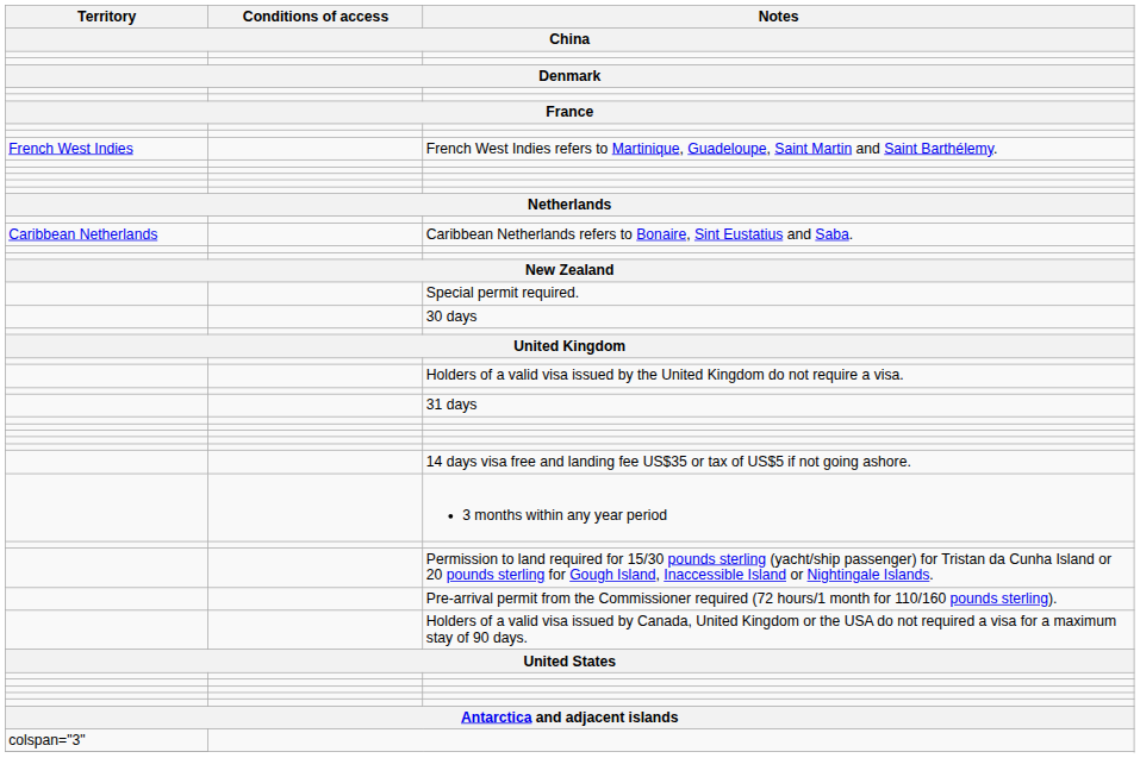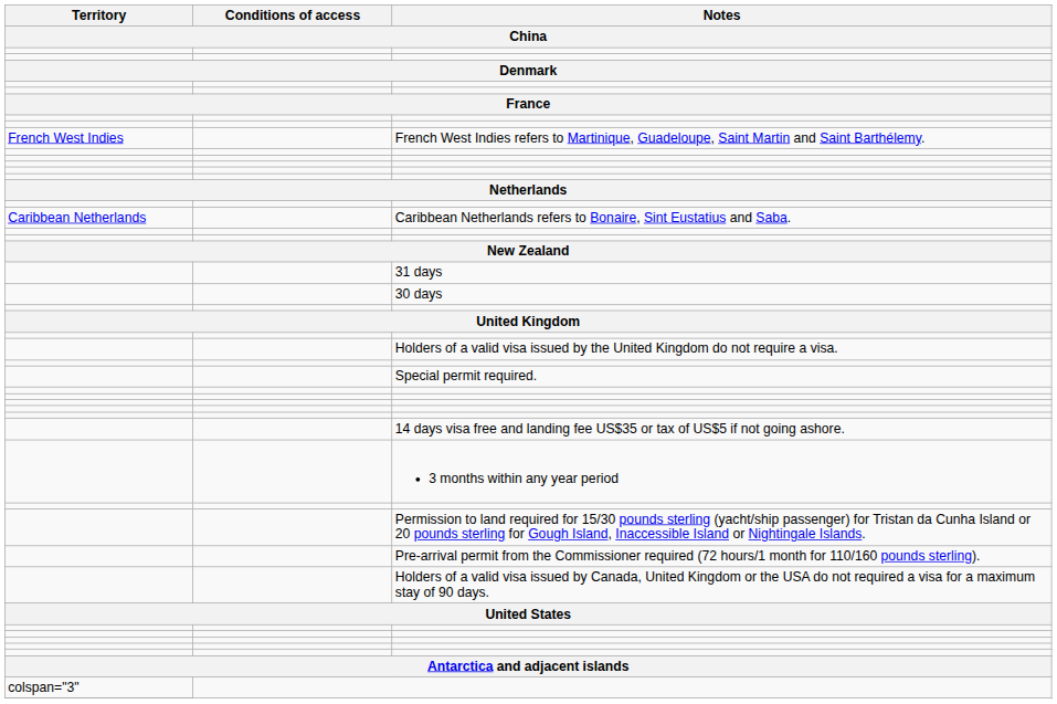 <table class="wikitable" style="text-align: left; table-layout: fixed;">
 <tr>
 <th width="18%">Territory</th>
 <th width="19%">Conditions of access</th>
 <th>Notes</th>
 </tr>
 <tr>
 <th colspan="3">China</th>
 </tr>
 <tr>
 <td></td>
 <td></td>
 <td></td>
 </tr>
 <tr>
 <td></td>
 <td></td>
 <td></td>
 </tr>
 <tr>
 <th colspan="3">Denmark</th>
 </tr>
 <tr>
 <td></td>
 <td></td>
 <td></td>
 </tr>
 <tr>
 <td></td>
 <td></td>
 <td></td>
 </tr>
 <tr>
 <th colspan="3">France</th>
 </tr>
 <tr>
 <td></td>
 <td></td>
 <td></td>
 </tr>
 <tr>
 <td></td>
 <td></td>
 <td></td>
 </tr>
 <tr>
 <td> <a href='#'>French West Indies</a></td>
 <td></td>
 <td>French West Indies refers to <a href='#'>Martinique</a>, <a href='#'>Guadeloupe</a>, <a href='#'>Saint Martin</a> and <a href='#'>Saint Barthélemy</a>.</td>
 </tr>
 <tr>
 <td></td>
 <td></td>
 <td></td>
 </tr>
 <tr>
 <td></td>
 <td></td>
 <td></td>
 </tr>
 <tr>
 <td></td>
 <td></td>
 <td></td>
 </tr>
 <tr>
 <td></td>
 <td></td>
 <td></td>
 </tr>
 <tr>
 <td></td>
 <td></td>
 <td></td>
 </tr>
 <tr>
 <th colspan="3">Netherlands</th>
 </tr>
 <tr>
 <td></td>
 <td></td>
 <td></td>
 </tr>
 <tr>
 <td> <a href='#'>Caribbean Netherlands</a></td>
 <td></td>
 <td>Caribbean Netherlands refers to <a href='#'>Bonaire</a>, <a href='#'>Sint Eustatius</a> and <a href='#'>Saba</a>.</td>
 </tr>
 <tr>
 <td></td>
 <td></td>
 <td></td>
 </tr>
 <tr>
 <td></td>
 <td></td>
 <td></td>
 </tr>
 <tr>
 <th colspan="3">New Zealand</th>
 </tr>
 <tr>
 <td></td>
 <td></td>
-<td>Special permit required.</td>
+<td>31 days</td>
 </tr>
 <tr>
 <td></td>
 <td></td>
 <td>30 days</td>
 </tr>
 <tr>
 <td></td>
 <td></td>
 <td></td>
 </tr>
 <tr>
 <th colspan="3">United Kingdom</th>
 </tr>
 <tr>
 <td></td>
 <td></td>
 <td></td>
 </tr>
 <tr>
 <td></td>
 <td></td>
 <td>Holders of a valid visa issued by the United Kingdom do not require a visa.</td>
 </tr>
 <tr>
 <td></td>
 <td></td>
 <td></td>
 </tr>
 <tr>
 <td></td>
 <td></td>
-<td>31 days</td>
+<td>Special permit required.</td>
 </tr>
 <tr>
 <td></td>
 <td></td>
 <td></td>
 </tr>
 <tr>
 <td></td>
 <td></td>
 <td></td>
 </tr>
 <tr>
 <td></td>
 <td></td>
 <td></td>
 </tr>
 <tr>
 <td></td>
 <td></td>
 <td></td>
 </tr>
 <tr>
 <td></td>
 <td></td>
 <td></td>
 </tr>
 <tr>
 <td></td>
 <td></td>
 <td>14 days visa free and landing fee US$35 or tax of US$5 if not going ashore.</td>
 </tr>
 <tr>
 <td></td>
 <td></td>
 <td><br><ul><li>3 months within any year period</li></ul></td>
 </tr>
 <tr>
 <td></td>
 <td></td>
 <td></td>
 </tr>
 <tr>
 <td></td>
 <td></td>
 <td>Permission to land required for 15/30 <a href='#'>pounds sterling</a> (yacht/ship passenger) for Tristan da Cunha Island or 20 <a href='#'>pounds sterling</a> for <a href='#'>Gough Island</a>, <a href='#'>Inaccessible Island</a> or <a href='#'>Nightingale Islands</a>.</td>
 </tr>
 <tr>
 <td></td>
 <td></td>
 <td>Pre-arrival permit from the Commissioner required (72 hours/1 month for 110/160 <a href='#'>pounds sterling</a>).</td>
 </tr>
 <tr>
 <td></td>
 <td></td>
 <td>Holders of a valid visa issued by Canada, United Kingdom or the USA do not required a visa for a maximum stay of 90 days.</td>
 </tr>
 <tr>
 <th colspan="3">United States</th>
 </tr>
 <tr>
 <td></td>
 <td></td>
 <td></td>
 </tr>
 <tr>
 <td></td>
 <td></td>
 <td></td>
 </tr>
 <tr>
 <td></td>
 <td></td>
 <td></td>
 </tr>
 <tr>
 <td></td>
 <td></td>
 <td></td>
 </tr>
 <tr>
 <td></td>
 <td></td>
 <td></td>
 </tr>
 <tr>
 <th colspan="3"><a href='#'>Antarctica</a> and adjacent islands</th>
 </tr>
 <tr>
 <td>colspan="3" </td>
 </tr>
 <tr>
 </tr>
 </table>
